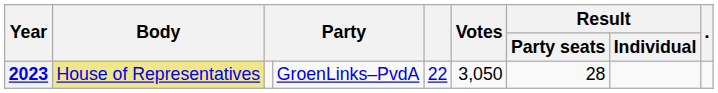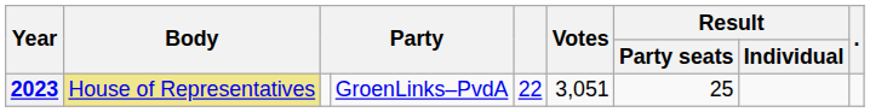 <table class="wikitable plainrowheaders sortable" border=2 cellpadding=4 cellspacing=0 style="border: 1px #aaa solid; font-size: 90%; text-align:center;">
 <tr>
 <th scope="col" rowspan=2>Year</th>
 <th scope="col" rowspan=2>Body</th>
 <th scope="col" colspan=2 rowspan=2>Party</th>
 <th scope="col" rowspan=2></th>
 <th scope="col" rowspan=2>Votes</th>
 <th scope="colgroup" colspan=2>Result</th>
 <th scope="col" rowspan=2 class="unsortable">.</th>
 </tr>
 <tr>
 <th scope="col">Party seats</th>
 <th scope="col">Individual</th>
 </tr>
 <tr>
 <th scope="row"><a href='#'>2023</a></th>
 <td style="background: khaki;"><a href='#'>House of Representatives</a></td>
 <td style="background-color:"></td>
 <td><a href='#'>GroenLinks–PvdA</a></td>
 <td style=text-align:right><a href='#'>22</a></td>
-<td style=text-align:right>3,050</td>
-<td style=text-align:right>28</td>
+<td style=text-align:right>3,051</td>
+<td style=text-align:right>25</td>
 <td></td>
 <td></td>
 </tr>
 </table>
